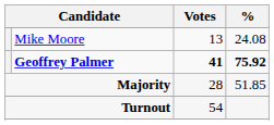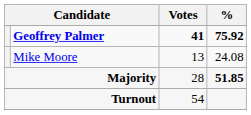 <table class="wikitable" style="font-size: 95%;">
 <tr style="background-color:#E9E9E9">
 <th colspan="2" style="width: 170px">Candidate</th>
 <th style="width: 50px">Votes</th>
 <th style="width: 40px">%</th>
 </tr>
 <tr>
 </tr>
 <tr>
 <th style="background-color: "></th>
+<td style="width: 170px"><strong><a href='#'>Geoffrey Palmer</a></strong></td>
+<td align="right"><strong>41</strong></td>
+<td align="right"><strong>75.92</strong></td>
+</tr>
+<tr>
+<th style="background-color: "></th>
 <td style="width: 170px"><a href='#'>Mike Moore</a></td>
 <td align="right">13</td>
 <td align="right">24.08</td>
 </tr>
-<tr>
-<th style="background-color: "></th>
-<td style="width: 170px"><strong><a href='#'>Geoffrey Palmer</a></strong></td>
-<td align="right"><strong>41</strong></td>
-<td align="right"><strong>75.92</strong></td>
-</tr>
 <tr style="background-color:#F6F6F6">
 <td colspan="2" align="right"><strong>Majority</strong></td>
 <td align="right">28</td>
-<td align="right">51.85</td>
+<td align="right"><strong>51.85</strong></td>
 </tr>
 <tr>
 </tr>
 <tr style="background-color:#F6F6F6">
 <td colspan="2" align="right"><strong>Turnout</strong></td>
 <td align="right">54</td>
 <td></td>
 </tr>
 <tr>
 </tr>
 <tr style="background-color:#F6F6F6">
 </tr>
 </table>
